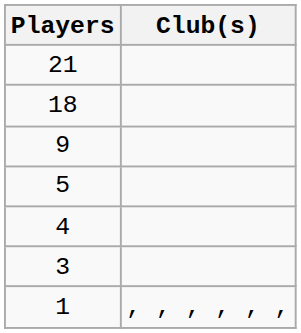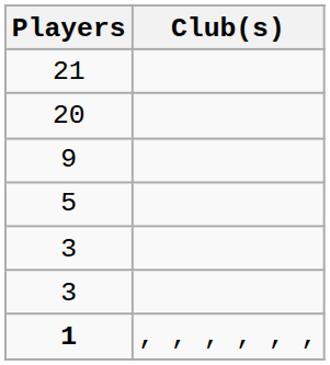 <table class="wikitable">
 <tr>
 <th>Players</th>
 <th>Club(s)</th>
 </tr>
 <tr>
 <td align="center">21</td>
 <td></td>
 </tr>
 <tr>
-<td align="center">18</td>
+<td align="center">20</td>
 <td></td>
 </tr>
 <tr>
 <td align="center">9</td>
 <td></td>
 </tr>
 <tr>
 <td align="center">5</td>
 <td></td>
 </tr>
 <tr>
-<td align="center">4</td>
+<td align="center">3</td>
 <td></td>
 </tr>
 <tr>
 <td align="center">3</td>
 <td></td>
 </tr>
 <tr>
-<td align="center">1</td>
+<td align="center"><strong>1</strong></td>
 <td>, , , , , , </td>
 </tr>
 </table>
